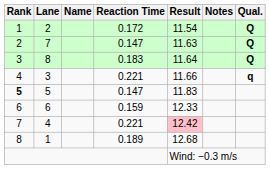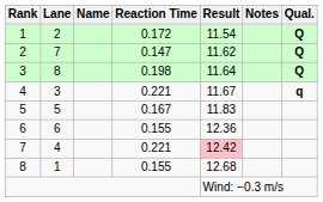 <table class="wikitable" style="text-align:center">
 <tr>
 <th>Rank</th>
 <th>Lane</th>
 <th>Name</th>
 <th>Reaction Time</th>
 <th>Result</th>
 <th>Notes</th>
 <th>Qual.</th>
 </tr>
 <tr bgcolor=ccffcc>
 <td>1</td>
 <td>2</td>
 <td align="left"></td>
 <td>0.172</td>
 <td>11.54</td>
 <td></td>
 <td><strong>Q</strong></td>
 </tr>
 <tr bgcolor=ccffcc>
 <td>2</td>
 <td>7</td>
 <td align="left"></td>
 <td>0.147</td>
-<td>11.63</td>
+<td>11.62</td>
 <td></td>
 <td><strong>Q</strong></td>
 </tr>
 <tr bgcolor=ccffcc>
 <td>3</td>
 <td>8</td>
 <td align="left"></td>
-<td>0.183</td>
+<td>0.198</td>
 <td>11.64</td>
 <td></td>
 <td><strong>Q</strong></td>
 </tr>
 <tr -bgcolor=ddffdd>
 <td>4</td>
 <td>3</td>
 <td align="left"></td>
 <td>0.221</td>
-<td>11.66</td>
+<td>11.67</td>
 <td></td>
 <td><strong>q</strong></td>
 </tr>
 <tr>
-<td><strong>5</strong></td>
+<td>5</td>
 <td>5</td>
 <td align="left"></td>
-<td>0.147</td>
+<td>0.167</td>
 <td>11.83</td>
 <td></td>
 <td></td>
 </tr>
 <tr>
 <td>6</td>
 <td>6</td>
 <td align="left"></td>
-<td>0.159</td>
-<td>12.33</td>
+<td>0.155</td>
+<td>12.36</td>
 <td></td>
 <td></td>
 </tr>
 <tr>
 <td>7</td>
 <td>4</td>
 <td align="left"></td>
 <td>0.221</td>
 <td style="background: pink;">12.42</td>
 <td></td>
 <td></td>
 </tr>
 <tr>
 <td>8</td>
 <td>1</td>
 <td align="left"></td>
-<td>0.189</td>
+<td>0.155</td>
 <td>12.68</td>
 <td></td>
 <td></td>
 </tr>
 <tr class="sortbottom">
 <td colspan=4></td>
 <td colspan="3" style="text-align:left;">Wind: −0.3 m/s</td>
 </tr>
 </table>
